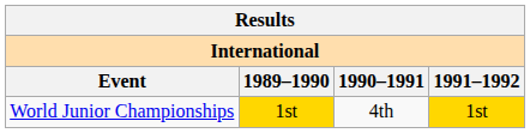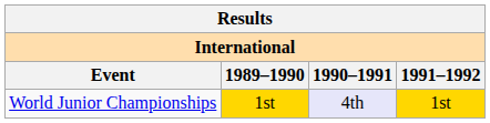 <table class="wikitable" style="text-align:center">
 <tr>
 <th colspan=4 align=center>Results</th>
 </tr>
 <tr>
 <th style="background-color: #ffdead; " colspan=4 align=center>International</th>
 </tr>
 <tr>
 <th>Event</th>
 <th>1989–1990</th>
 <th>1990–1991</th>
 <th>1991–1992</th>
 </tr>
 <tr>
 <td align=left><a href='#'>World Junior Championships</a></td>
 <td bgcolor=gold>1st</td>
-<td>4th</td>
+<td style="background: lavender;">4th</td>
 <td bgcolor=gold>1st</td>
 </tr>
 </table>
